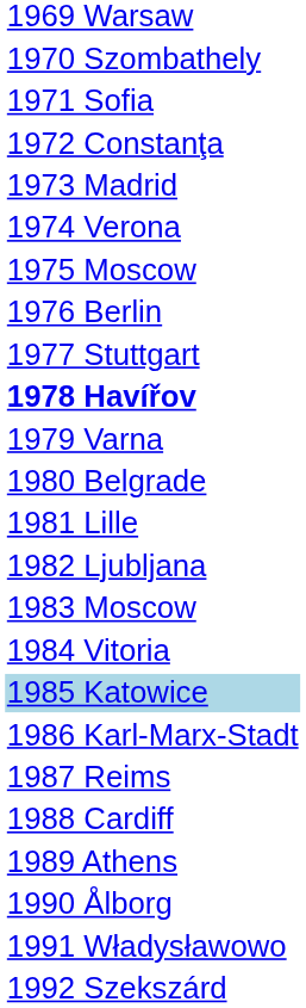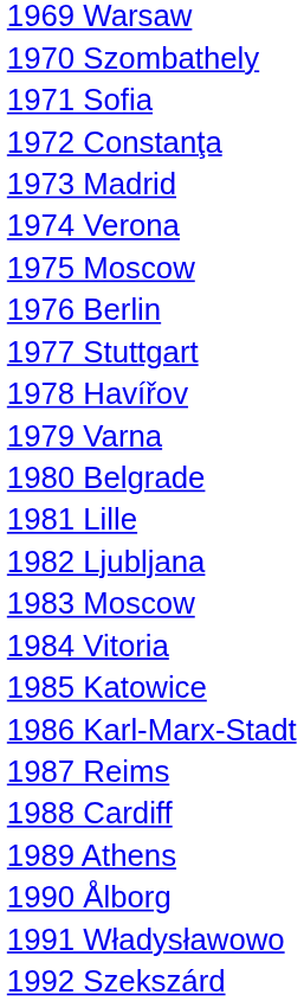 <table>
 <tr>
 <td><a href='#'>1969 Warsaw</a></td>
 <td></td>
 <td></td>
 <td></td>
 </tr>
 <tr>
 <td><a href='#'>1970 Szombathely</a></td>
 <td></td>
 <td></td>
 <td></td>
 </tr>
 <tr>
 <td><a href='#'>1971 Sofia</a></td>
 <td></td>
 <td></td>
 <td></td>
 </tr>
 <tr>
 <td><a href='#'>1972 Constanţa</a></td>
 <td></td>
 <td></td>
 <td></td>
 </tr>
 <tr>
 <td><a href='#'>1973 Madrid</a></td>
 <td></td>
 <td></td>
 <td></td>
 </tr>
 <tr>
 <td><a href='#'>1974 Verona</a></td>
 <td></td>
 <td></td>
 <td></td>
 </tr>
 <tr>
 <td><a href='#'>1975 Moscow</a></td>
 <td></td>
 <td></td>
 <td></td>
 </tr>
 <tr>
 <td><a href='#'>1976 Berlin</a></td>
 <td></td>
 <td></td>
 <td></td>
 </tr>
 <tr>
 <td><a href='#'>1977 Stuttgart</a></td>
 <td></td>
 <td></td>
 <td></td>
 </tr>
 <tr>
-<td><strong><a href='#'>1978 Havířov</a></strong></td>
+<td><a href='#'>1978 Havířov</a></td>
 <td></td>
 <td></td>
 <td></td>
 </tr>
 <tr>
 <td><a href='#'>1979 Varna</a></td>
 <td></td>
 <td></td>
 <td></td>
 </tr>
 <tr>
 <td><a href='#'>1980 Belgrade</a></td>
 <td></td>
 <td></td>
 <td></td>
 </tr>
 <tr>
 <td><a href='#'>1981 Lille</a></td>
 <td></td>
 <td></td>
 <td></td>
 </tr>
 <tr>
 <td><a href='#'>1982 Ljubljana</a></td>
 <td></td>
 <td></td>
 <td></td>
 </tr>
 <tr>
 <td><a href='#'>1983  Moscow</a></td>
 <td></td>
 <td></td>
 <td></td>
 </tr>
 <tr>
 <td><a href='#'>1984 Vitoria</a></td>
 <td></td>
 <td></td>
 <td></td>
 </tr>
 <tr>
-<td style="background: lightblue;"><a href='#'>1985 Katowice</a></td>
+<td><a href='#'>1985 Katowice</a></td>
 <td></td>
 <td></td>
 <td></td>
 </tr>
 <tr>
 <td><a href='#'>1986 Karl-Marx-Stadt</a></td>
 <td></td>
 <td></td>
 <td></td>
 </tr>
 <tr>
 <td><a href='#'>1987 Reims</a></td>
 <td></td>
 <td></td>
 <td></td>
 </tr>
 <tr>
 <td><a href='#'>1988 Cardiff</a></td>
 <td></td>
 <td></td>
 <td></td>
 </tr>
 <tr>
 <td><a href='#'>1989 Athens</a></td>
 <td></td>
 <td></td>
 <td></td>
 </tr>
 <tr>
 <td><a href='#'>1990 Ålborg</a></td>
 <td></td>
 <td></td>
 <td></td>
 </tr>
 <tr>
 <td><a href='#'>1991 Władysławowo</a></td>
 <td></td>
 <td></td>
 <td></td>
 </tr>
 <tr>
 <td><a href='#'>1992 Szekszárd</a></td>
 <td></td>
 <td></td>
 <td></td>
 </tr>
 </table>
